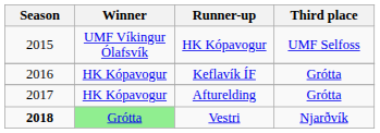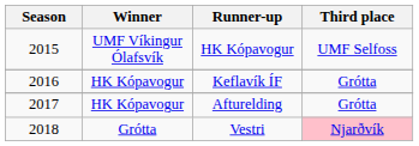 <table class="wikitable sortable plainrowheaders" style="text-align: center;">
 <tr>
 <th width=75>Season</th>
 <th width=110>Winner</th>
 <th width=110>Runner-up</th>
 <th width=110>Third place</th>
 </tr>
 <tr>
 <td>2015</td>
 <td><a href='#'>UMF Víkingur Ólafsvík</a></td>
 <td><a href='#'>HK Kópavogur</a></td>
 <td><a href='#'>UMF Selfoss</a></td>
 </tr>
 <tr>
 </tr>
 <tr>
 <td>2016</td>
 <td><a href='#'>HK Kópavogur</a></td>
 <td><a href='#'>Keflavík ÍF</a></td>
 <td><a href='#'>Grótta</a></td>
 </tr>
 <tr>
 </tr>
 <tr>
 <td>2017</td>
 <td><a href='#'>HK Kópavogur</a></td>
 <td><a href='#'>Afturelding</a></td>
 <td><a href='#'>Grótta</a></td>
 </tr>
 <tr>
-<td><strong>2018</strong></td>
-<td style="background: lightgreen;"><a href='#'>Grótta</a></td>
+<td>2018</td>
+<td><a href='#'>Grótta</a></td>
 <td><a href='#'>Vestri</a></td>
-<td><a href='#'>Njarðvík</a></td>
+<td style="background: pink;"><a href='#'>Njarðvík</a></td>
 </tr>
 </table>
